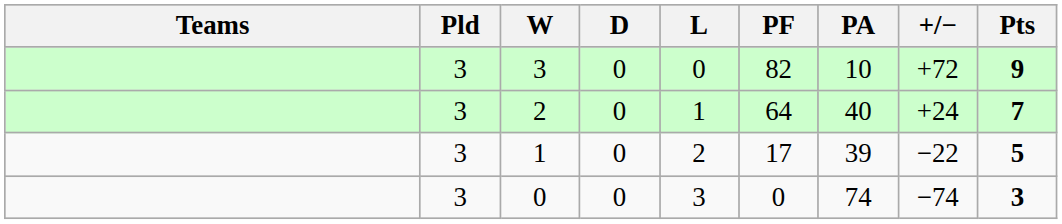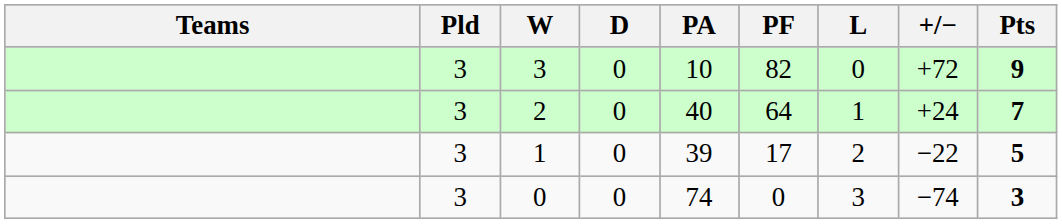 <table class="wikitable" style="text-align: center;">
 <tr>
 <th width="240">Teams</th>
 <th width="40">Pld</th>
 <th width="40">W</th>
 <th width="40">D</th>
+<th width="40">PA</th>
+<th width="40">PF</th>
 <th width="40">L</th>
-<th width="40">PF</th>
-<th width="40">PA</th>
 <th width="40">+/−</th>
 <th width="40">Pts</th>
 </tr>
 <tr style="background-color:#ccffcc;">
 <td align=left></td>
 <td>3</td>
 <td>3</td>
 <td>0</td>
+<td>10</td>
+<td>82</td>
 <td>0</td>
-<td>82</td>
-<td>10</td>
 <td>+72</td>
 <td><strong>9</strong></td>
 </tr>
 <tr style="background-color:#ccffcc;">
 <td align=left></td>
 <td>3</td>
 <td>2</td>
 <td>0</td>
+<td>40</td>
+<td>64</td>
 <td>1</td>
-<td>64</td>
-<td>40</td>
 <td>+24</td>
 <td><strong>7</strong></td>
 </tr>
 <tr>
 <td align=left></td>
 <td>3</td>
 <td>1</td>
 <td>0</td>
+<td>39</td>
+<td>17</td>
 <td>2</td>
-<td>17</td>
-<td>39</td>
 <td>−22</td>
 <td><strong>5</strong></td>
 </tr>
 <tr>
 <td align=left></td>
 <td>3</td>
 <td>0</td>
 <td>0</td>
+<td>74</td>
+<td>0</td>
 <td>3</td>
-<td>0</td>
-<td>74</td>
 <td>−74</td>
 <td><strong>3</strong></td>
 </tr>
 </table>
